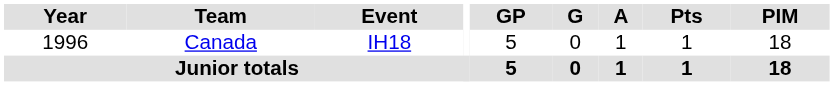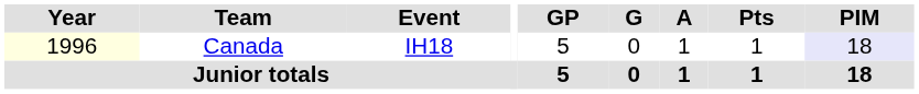 <table border="0" cellpadding="1" cellspacing="0" ID="Table3" style="text-align:center; width:40em">
 <tr bgcolor="#e0e0e0">
 <th>Year</th>
 <th>Team</th>
 <th>Event</th>
 <th rowspan="102" bgcolor="#ffffff"></th>
 <th>GP</th>
 <th>G</th>
 <th>A</th>
 <th>Pts</th>
 <th>PIM</th>
 </tr>
 <tr>
-<td>1996</td>
+<td style="background: lightyellow;">1996</td>
 <td><a href='#'>Canada</a></td>
 <td><a href='#'>IH18</a></td>
 <td>5</td>
 <td>0</td>
 <td>1</td>
 <td>1</td>
-<td>18</td>
+<td style="background: lavender;">18</td>
 </tr>
 <tr bgcolor="#e0e0e0">
 <th colspan="4">Junior totals</th>
 <th>5</th>
 <th>0</th>
 <th>1</th>
 <th>1</th>
 <th>18</th>
 </tr>
 </table>
